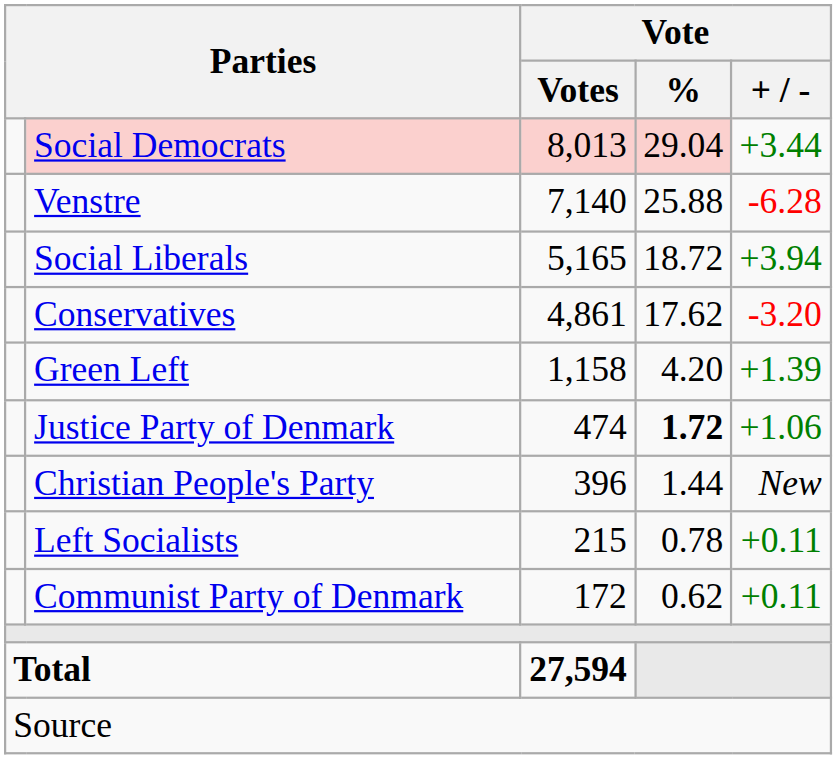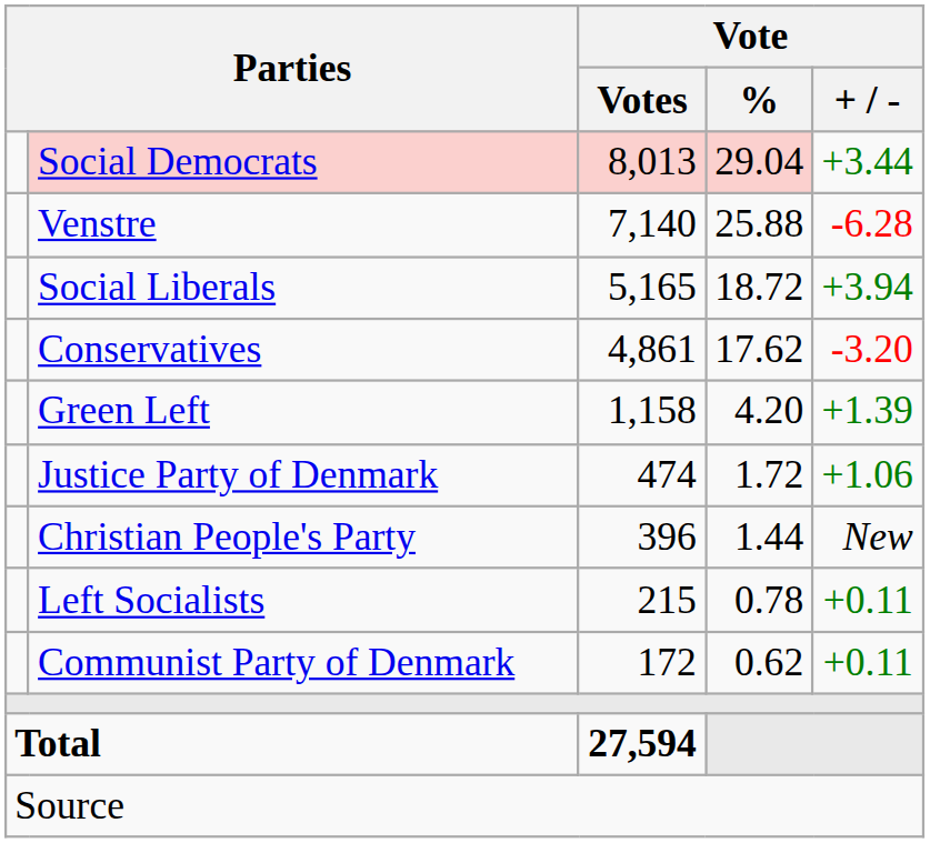 <table class="wikitable" style="text-align:right;">
 <tr>
 <th style="text-align:centre;" rowspan="2" colspan="2" width="225">Parties</th>
 <th colspan="3">Vote</th>
 </tr>
 <tr>
 <th width="15">Votes</th>
 <th width="15">%</th>
 <th width="15">+ / -</th>
 </tr>
 <tr>
 <td width="2" style="color:inherit;background:"></td>
 <td bgcolor=#fbd0ce  align="left"><a href='#'>Social Democrats</a></td>
 <td bgcolor=#fbd0ce>8,013</td>
 <td bgcolor=#fbd0ce>29.04</td>
 <td style=color:green;>+3.44</td>
 </tr>
 <tr>
 <td width="2" style="color:inherit;background:"></td>
 <td align="left"><a href='#'>Venstre</a></td>
 <td>7,140</td>
 <td>25.88</td>
 <td style=color:red;>-6.28</td>
 </tr>
 <tr>
 <td width="2" style="color:inherit;background:"></td>
 <td align="left"><a href='#'>Social Liberals</a></td>
 <td>5,165</td>
 <td>18.72</td>
 <td style=color:green;>+3.94</td>
 </tr>
 <tr>
 <td width="2" style="color:inherit;background:"></td>
 <td align="left"><a href='#'>Conservatives</a></td>
 <td>4,861</td>
 <td>17.62</td>
 <td style=color:red;>-3.20</td>
 </tr>
 <tr>
 <td width="2" style="color:inherit;background:"></td>
 <td align="left"><a href='#'>Green Left</a></td>
 <td>1,158</td>
 <td>4.20</td>
 <td style=color:green;>+1.39</td>
 </tr>
 <tr>
 <td width="2" style="color:inherit;background:"></td>
 <td align="left"><a href='#'>Justice Party of Denmark</a></td>
 <td>474</td>
-<td><strong>1.72</strong></td>
+<td>1.72</td>
 <td style=color:green;>+1.06</td>
 </tr>
 <tr>
 <td width="2" style="color:inherit;background:"></td>
 <td align="left"><a href='#'>Christian People's Party</a></td>
 <td>396</td>
 <td>1.44</td>
 <td><em>New</em></td>
 </tr>
 <tr>
 <td width="2" style="color:inherit;background:"></td>
 <td align="left"><a href='#'>Left Socialists</a></td>
 <td>215</td>
 <td>0.78</td>
 <td style=color:green;>+0.11</td>
 </tr>
 <tr>
 <td width="2" style="color:inherit;background:"></td>
 <td align="left"><a href='#'>Communist Party of Denmark</a></td>
 <td>172</td>
 <td>0.62</td>
 <td style=color:green;>+0.11</td>
 </tr>
 <tr>
 <td colspan="7" bgcolor="#E9E9E9"></td>
 </tr>
 <tr>
 <td align="left" colspan="2"><strong>Total</strong></td>
 <td><strong>27,594</strong></td>
 <td bgcolor="#E9E9E9" colspan="2"></td>
 </tr>
 <tr>
 <td align="left" colspan="6">Source</td>
 </tr>
 </table>
